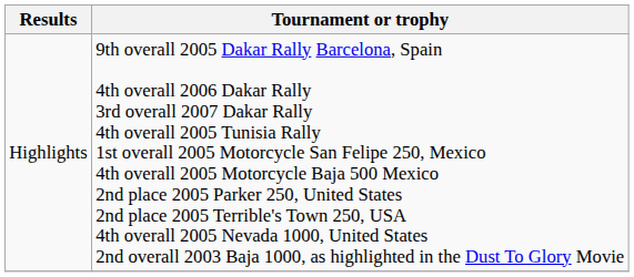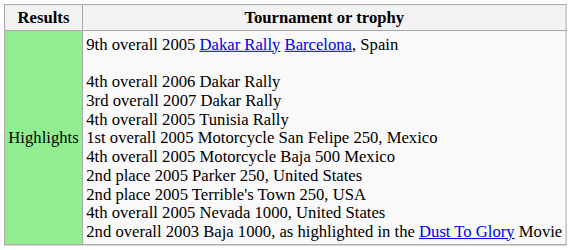 <table class="wikitable">
 <tr>
 <th width="50"><strong>Results</strong></th>
 <th><strong>Tournament or trophy</strong></th>
 </tr>
 <tr>
-<td align="center">Highlights</td>
+<td align="center" style="background: lightgreen;">Highlights</td>
 <td>9th overall  2005 <a href='#'>Dakar Rally</a> <a href='#'>Barcelona</a>, Spain<br><br>4th overall 2006 Dakar Rally<br> 3rd overall 2007 Dakar Rally<br>4th overall 2005 Tunisia Rally<br> 1st overall 2005 Motorcycle San Felipe 250, Mexico<br> 4th overall 2005 Motorcycle Baja 500 Mexico<br> 2nd place 2005 Parker 250, United States<br> 2nd place 2005 Terrible's Town 250, USA<br> 4th overall 2005 Nevada 1000, United States<br> 2nd overall 2003 Baja 1000, as highlighted in the <a href='#'>Dust To Glory</a> Movie<br></td>
 </tr>
 <tr>
 </tr>
 </table>
